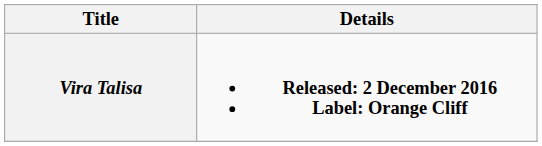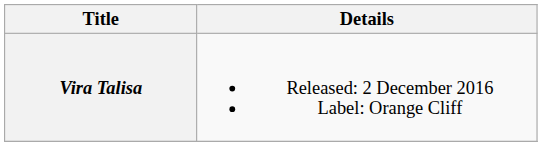 <table class="wikitable plainrowheaders" style="text-align:center;">
 <tr>
 <th scope="col" style="width:10em;">Title</th>
 <th scope="col" style="width:18em;">Details</th>
 </tr>
 <tr>
 <th scope="row"><em>Vira Talisa</em></th>
-<td><strong><br><ul><li>Released: 2 December 2016</li><li>Label: Orange Cliff</li></ul></strong></td>
+<td><br><ul><li>Released: 2 December 2016</li><li>Label: Orange Cliff</li></ul></td>
 </tr>
 <tr>
 </tr>
 </table>
